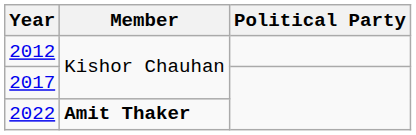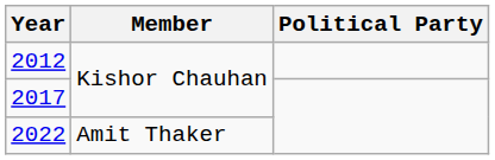 <table class="wikitable sortable">
 <tr>
 <th>Year</th>
 <th>Member</th>
 <th colspan="2">Political Party</th>
 </tr>
 <tr>
 <td><a href='#'>2012</a></td>
 <td rowspan="2">Kishor Chauhan</td>
 <td></td>
 </tr>
 <tr>
 <td><a href='#'>2017</a></td>
 </tr>
 <tr>
 <td><a href='#'>2022</a></td>
-<td><strong>Amit Thaker</strong></td>
+<td>Amit Thaker</td>
 </tr>
 </table>
